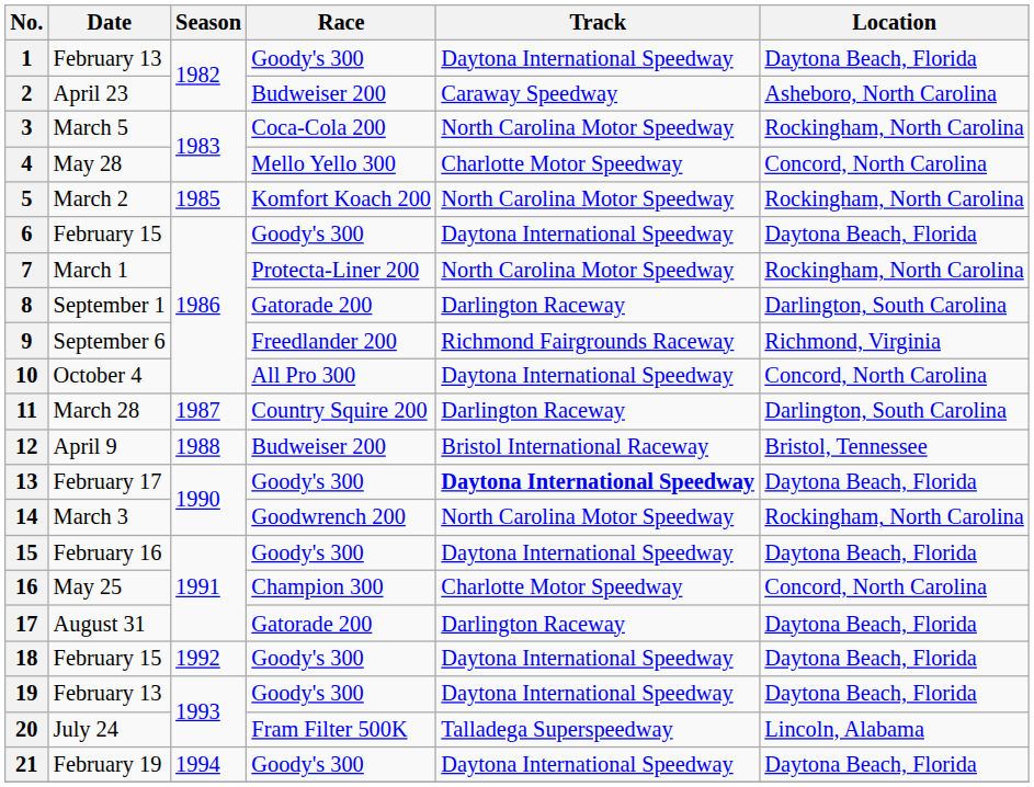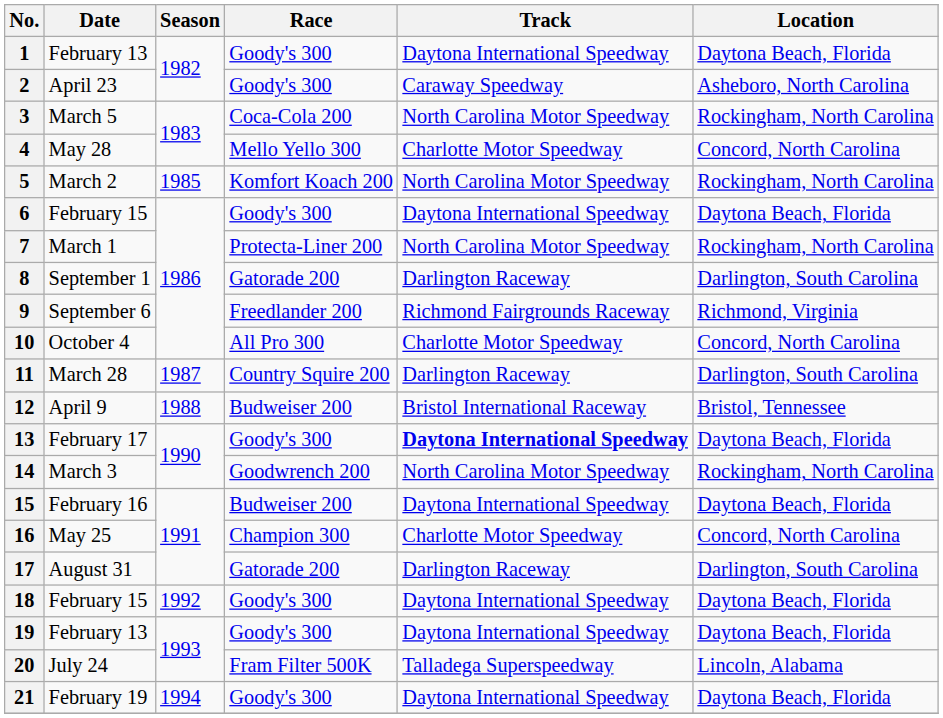 <table class="wikitable sortable">
 <tr>
 <th scope="col">No.</th>
 <th scope="col">Date</th>
 <th scope="col">Season</th>
 <th scope="col">Race</th>
 <th scope="col">Track</th>
 <th scope="col">Location</th>
 </tr>
 <tr>
 <th scope="row">1</th>
 <td>February 13</td>
 <td rowspan=2><a href='#'>1982</a></td>
 <td><a href='#'>Goody's 300</a></td>
 <td><a href='#'>Daytona International Speedway</a></td>
 <td><a href='#'>Daytona Beach, Florida</a></td>
 </tr>
 <tr>
 <th scope="row">2</th>
 <td>April 23</td>
-<td><a href='#'>Budweiser 200</a></td>
+<td><a href='#'>Goody's 300</a></td>
 <td><a href='#'>Caraway Speedway</a></td>
 <td><a href='#'>Asheboro, North Carolina</a></td>
 </tr>
 <tr>
 <th scope="row">3</th>
 <td>March 5</td>
 <td rowspan=2><a href='#'>1983</a></td>
 <td><a href='#'>Coca-Cola 200</a></td>
 <td><a href='#'>North Carolina Motor Speedway</a></td>
 <td><a href='#'>Rockingham, North Carolina</a></td>
 </tr>
 <tr>
 <th scope="row">4</th>
 <td>May 28</td>
 <td><a href='#'>Mello Yello 300</a></td>
 <td><a href='#'>Charlotte Motor Speedway</a></td>
 <td><a href='#'>Concord, North Carolina</a></td>
 </tr>
 <tr>
 <th scope="row">5</th>
 <td>March 2</td>
 <td><a href='#'>1985</a></td>
 <td><a href='#'>Komfort Koach 200</a></td>
 <td><a href='#'>North Carolina Motor Speedway</a></td>
 <td><a href='#'>Rockingham, North Carolina</a></td>
 </tr>
 <tr>
 <th scope="row">6</th>
 <td>February 15</td>
 <td rowspan=5><a href='#'>1986</a></td>
 <td><a href='#'>Goody's 300</a></td>
 <td><a href='#'>Daytona International Speedway</a></td>
 <td><a href='#'>Daytona Beach, Florida</a></td>
 </tr>
 <tr>
 <th scope="row">7</th>
 <td>March 1</td>
 <td><a href='#'>Protecta-Liner 200</a></td>
 <td><a href='#'>North Carolina Motor Speedway</a></td>
 <td><a href='#'>Rockingham, North Carolina</a></td>
 </tr>
 <tr>
 <th scope="row">8</th>
 <td>September 1</td>
 <td><a href='#'>Gatorade 200</a></td>
 <td><a href='#'>Darlington Raceway</a></td>
 <td><a href='#'>Darlington, South Carolina</a></td>
 </tr>
 <tr>
 <th scope="row">9</th>
 <td>September 6</td>
 <td><a href='#'>Freedlander 200</a></td>
 <td><a href='#'>Richmond Fairgrounds Raceway</a></td>
 <td><a href='#'>Richmond, Virginia</a></td>
 </tr>
 <tr>
 <th scope="row">10</th>
 <td>October 4</td>
 <td><a href='#'>All Pro 300</a></td>
-<td><a href='#'>Daytona International Speedway</a></td>
+<td><a href='#'>Charlotte Motor Speedway</a></td>
 <td><a href='#'>Concord, North Carolina</a></td>
 </tr>
 <tr>
 <th scope="row">11</th>
 <td>March 28</td>
 <td><a href='#'>1987</a></td>
 <td><a href='#'>Country Squire 200</a></td>
 <td><a href='#'>Darlington Raceway</a></td>
 <td><a href='#'>Darlington, South Carolina</a></td>
 </tr>
 <tr>
 <th scope="row">12</th>
 <td>April 9</td>
 <td><a href='#'>1988</a></td>
 <td><a href='#'>Budweiser 200</a></td>
 <td><a href='#'>Bristol International Raceway</a></td>
 <td><a href='#'>Bristol, Tennessee</a></td>
 </tr>
 <tr>
 <th scope="row">13</th>
 <td>February 17</td>
 <td rowspan=2><a href='#'>1990</a></td>
 <td><a href='#'>Goody's 300</a></td>
 <td><strong><a href='#'>Daytona International Speedway</a></strong></td>
 <td><a href='#'>Daytona Beach, Florida</a></td>
 </tr>
 <tr>
 <th scope="row">14</th>
 <td>March 3</td>
 <td><a href='#'>Goodwrench 200</a></td>
 <td><a href='#'>North Carolina Motor Speedway</a></td>
 <td><a href='#'>Rockingham, North Carolina</a></td>
 </tr>
 <tr>
 <th scope="row">15</th>
 <td>February 16</td>
 <td rowspan=3><a href='#'>1991</a></td>
-<td><a href='#'>Goody's 300</a></td>
+<td><a href='#'>Budweiser 200</a></td>
 <td><a href='#'>Daytona International Speedway</a></td>
 <td><a href='#'>Daytona Beach, Florida</a></td>
 </tr>
 <tr>
 <th scope="row">16</th>
 <td>May 25</td>
 <td><a href='#'>Champion 300</a></td>
 <td><a href='#'>Charlotte Motor Speedway</a></td>
 <td><a href='#'>Concord, North Carolina</a></td>
 </tr>
 <tr>
 <th scope="row">17</th>
 <td>August 31</td>
 <td><a href='#'>Gatorade 200</a></td>
 <td><a href='#'>Darlington Raceway</a></td>
-<td><a href='#'>Daytona Beach, Florida</a></td>
+<td><a href='#'>Darlington, South Carolina</a></td>
 </tr>
 <tr>
 <th scope="row">18</th>
 <td>February 15</td>
 <td><a href='#'>1992</a></td>
 <td><a href='#'>Goody's 300</a></td>
 <td><a href='#'>Daytona International Speedway</a></td>
 <td><a href='#'>Daytona Beach, Florida</a></td>
 </tr>
 <tr>
 <th scope="row">19</th>
 <td>February 13</td>
 <td rowspan=2><a href='#'>1993</a></td>
 <td><a href='#'>Goody's 300</a></td>
 <td><a href='#'>Daytona International Speedway</a></td>
 <td><a href='#'>Daytona Beach, Florida</a></td>
 </tr>
 <tr>
 <th scope="row">20</th>
 <td>July 24</td>
 <td><a href='#'>Fram Filter 500K</a></td>
 <td><a href='#'>Talladega Superspeedway</a></td>
 <td><a href='#'>Lincoln, Alabama</a></td>
 </tr>
 <tr>
 <th scope="row">21</th>
 <td>February 19</td>
 <td><a href='#'>1994</a></td>
 <td><a href='#'>Goody's 300</a></td>
 <td><a href='#'>Daytona International Speedway</a></td>
 <td><a href='#'>Daytona Beach, Florida</a></td>
 </tr>
 <tr>
 </tr>
 </table>
